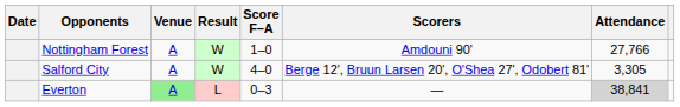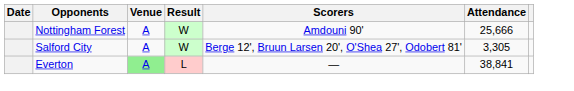 <table class="wikitable plainrowheaders sortable" style="text-align:center">
 <tr>
 <th scope="col">Date</th>
 <th scope="col">Opponents</th>
 <th scope="col">Venue</th>
 <th scope="col">Result</th>
-<th scope="col">Score<br>F–A</th>
 <th scope="col" class="unsortable">Scorers</th>
 <th scope="col">Attendance</th>
 <th scope="col" class="unsortable"></th>
 </tr>
 <tr>
 <th scope="row"></th>
 <td align="left"><a href='#'>Nottingham Forest</a></td>
 <td><a href='#'>A</a></td>
 <td bgcolor="#CCFFCC">W</td>
-<td>1–0</td>
 <td><a href='#'>Amdouni</a> 90'</td>
-<td>27,766</td>
+<td>25,666</td>
 <td></td>
 </tr>
 <tr>
 <th scope="row"></th>
 <td align="left"><a href='#'>Salford City</a></td>
 <td><a href='#'>A</a></td>
 <td bgcolor="#CCFFCC">W</td>
-<td>4–0</td>
 <td><a href='#'>Berge</a> 12', <a href='#'>Bruun Larsen</a> 20', <a href='#'>O'Shea</a> 27', <a href='#'>Odobert</a> 81'</td>
 <td>3,305</td>
 <td></td>
 </tr>
 <tr>
 <th scope="row"></th>
 <td align="left"><a href='#'>Everton</a></td>
 <td style="background: lightgreen;"><a href='#'>A</a></td>
 <td bgcolor="#FFCCCC">L</td>
-<td>0–3</td>
 <td>—</td>
-<td style="background: lightgrey;">38,841</td>
+<td>38,841</td>
 <td></td>
 </tr>
 </table>
